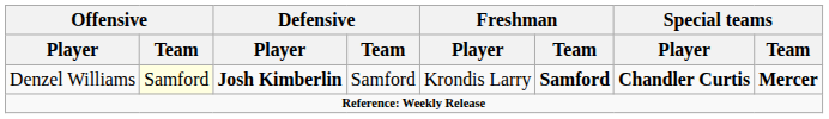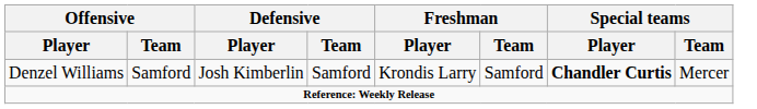 <table class="wikitable" border="1">
 <tr>
 <th colspan="2">Offensive</th>
 <th colspan="2">Defensive</th>
 <th colspan="2">Freshman</th>
 <th colspan="2">Special teams</th>
 </tr>
 <tr>
 <th>Player</th>
 <th>Team</th>
 <th>Player</th>
 <th>Team</th>
 <th>Player</th>
 <th>Team</th>
 <th>Player</th>
 <th>Team</th>
 </tr>
 <tr>
 <td>Denzel Williams</td>
-<td style="background: lightyellow;">Samford</td>
-<td><strong>Josh Kimberlin</strong></td>
+<td>Samford</td>
+<td>Josh Kimberlin</td>
 <td>Samford</td>
 <td>Krondis Larry</td>
-<td><strong>Samford</strong></td>
+<td>Samford</td>
 <td><strong>Chandler Curtis</strong></td>
-<td><strong>Mercer</strong></td>
+<td>Mercer</td>
 </tr>
 <tr>
 <td colspan="8" style="font-size: 8pt" align="center"><strong>Reference: Weekly Release</strong></td>
 </tr>
 </table>
